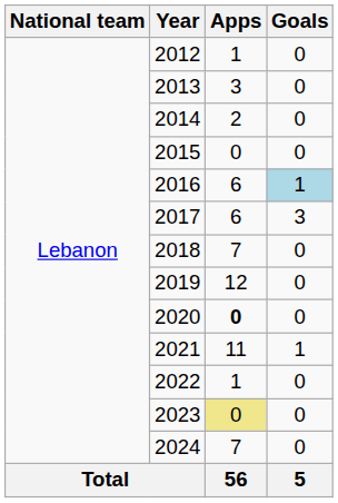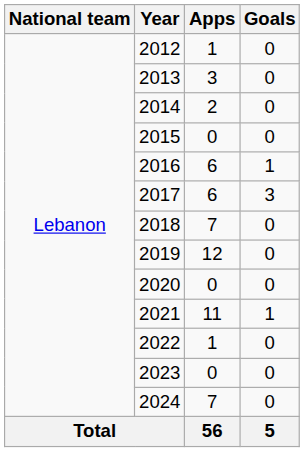 <table class="wikitable" style="text-align:center">
 <tr>
 <th>National team</th>
 <th>Year</th>
 <th>Apps</th>
 <th>Goals</th>
 </tr>
 <tr>
 <td rowspan="13"><a href='#'>Lebanon</a></td>
 <td>2012</td>
 <td>1</td>
 <td>0</td>
 </tr>
 <tr>
 <td>2013</td>
 <td>3</td>
 <td>0</td>
 </tr>
 <tr>
 <td>2014</td>
 <td>2</td>
 <td>0</td>
 </tr>
 <tr>
 <td>2015</td>
 <td>0</td>
 <td>0</td>
 </tr>
 <tr>
 <td>2016</td>
 <td>6</td>
-<td style="background: lightblue;">1</td>
+<td>1</td>
 </tr>
 <tr>
 <td>2017</td>
 <td>6</td>
 <td>3</td>
 </tr>
 <tr>
 <td>2018</td>
 <td>7</td>
 <td>0</td>
 </tr>
 <tr>
 <td>2019</td>
 <td>12</td>
 <td>0</td>
 </tr>
 <tr>
 <td>2020</td>
-<td><strong>0</strong></td>
+<td>0</td>
 <td>0</td>
 </tr>
 <tr>
 <td>2021</td>
 <td>11</td>
 <td>1</td>
 </tr>
 <tr>
 <td>2022</td>
 <td>1</td>
 <td>0</td>
 </tr>
 <tr>
 <td>2023</td>
-<td style="background: khaki;">0</td>
+<td>0</td>
 <td>0</td>
 </tr>
 <tr>
 <td>2024</td>
 <td>7</td>
 <td>0</td>
 </tr>
 <tr>
 <th colspan="2">Total</th>
 <th>56</th>
 <th>5</th>
 </tr>
 </table>
